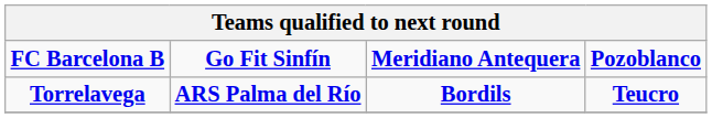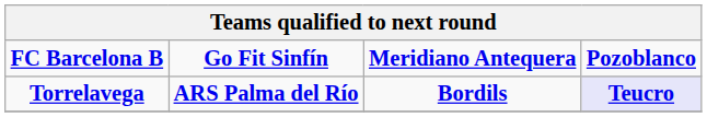 <table class="wikitable" style="text-align: center; margin: 0 auto;">
 <tr>
 <th colspan="4">Teams qualified to next round</th>
 </tr>
 <tr>
 <td><strong><a href='#'>FC Barcelona B</a></strong></td>
 <td><strong><a href='#'>Go Fit Sinfín</a></strong></td>
 <td><strong><a href='#'>Meridiano Antequera</a></strong></td>
 <td><strong><a href='#'>Pozoblanco</a></strong></td>
 </tr>
 <tr>
 <td><strong><a href='#'>Torrelavega</a></strong></td>
 <td><strong><a href='#'>ARS Palma del Río</a></strong></td>
 <td><strong><a href='#'>Bordils</a></strong></td>
-<td><strong><a href='#'>Teucro</a></strong></td>
+<td style="background: lavender;"><strong><a href='#'>Teucro</a></strong></td>
 </tr>
 <tr>
 </tr>
 </table>
